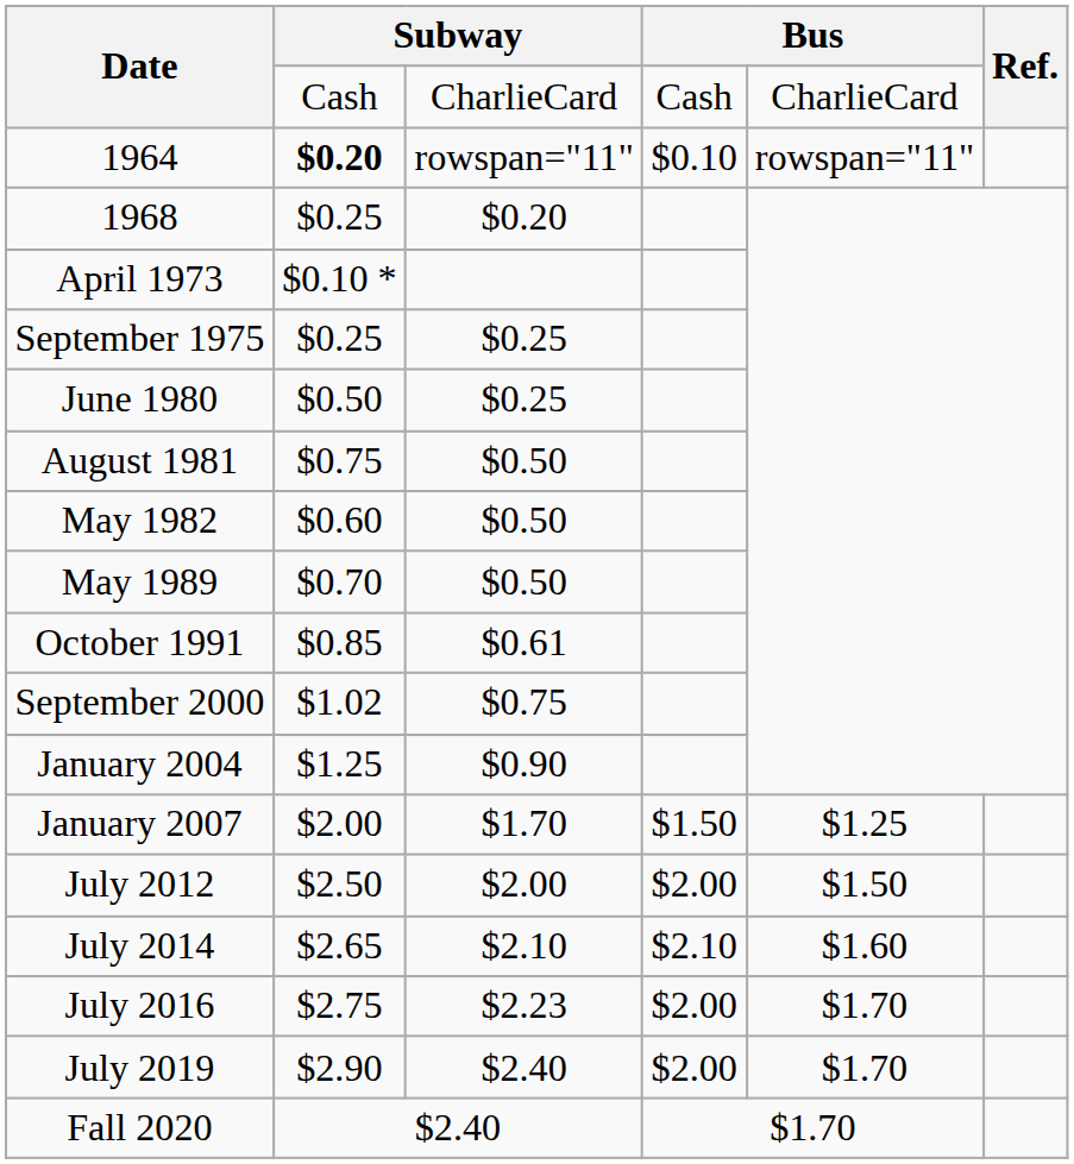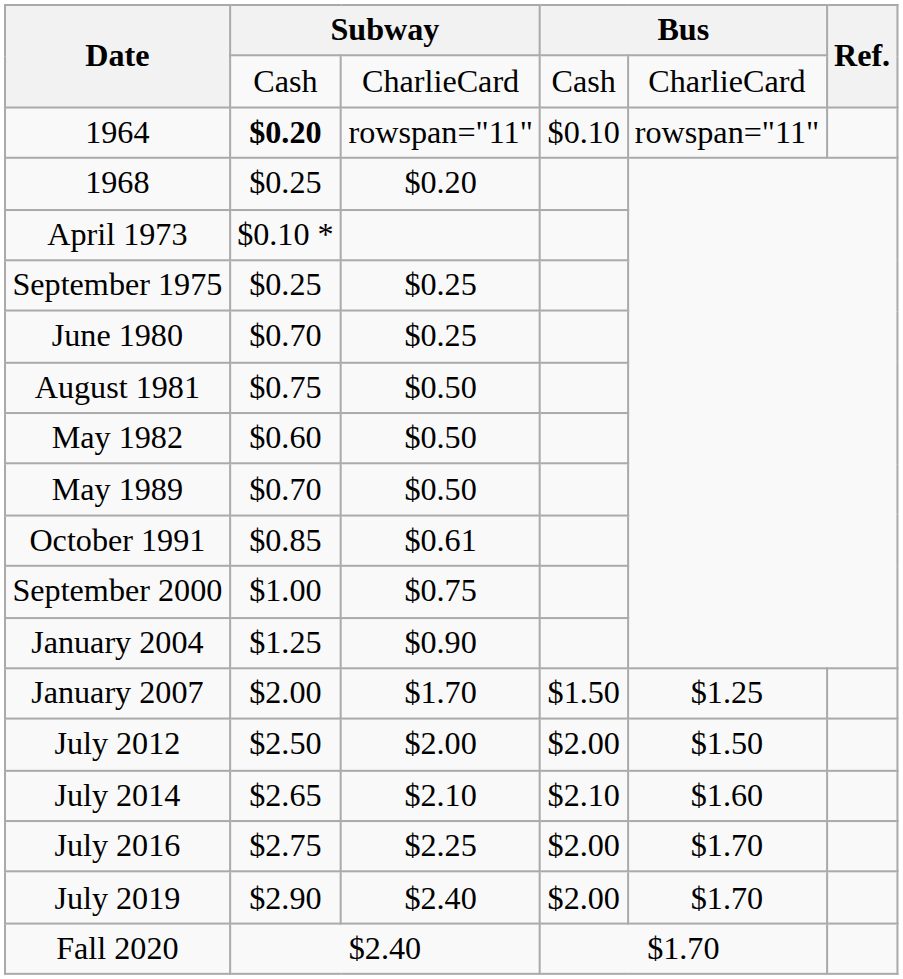 <table class="wikitable plainrowheaders" style="text-align:center">
 <tr>
 <th rowspan="2">Date</th>
 <th style="width:5px;" colspan="2">Subway</th>
 <th style="width:5px;" colspan="2">Bus</th>
 <th rowspan="2" style="width:1px;">Ref.</th>
 </tr>
 <tr>
 <td>Cash</td>
 <td>CharlieCard</td>
 <td>Cash</td>
 <td>CharlieCard</td>
 </tr>
 <tr>
 <td>1964</td>
 <td><strong>$0.20</strong></td>
 <td>rowspan="11" </td>
 <td>$0.10</td>
 <td>rowspan="11" </td>
 <td></td>
 </tr>
 <tr>
 <td>1968</td>
 <td>$0.25</td>
 <td>$0.20</td>
 <td></td>
 </tr>
 <tr>
 <td>April 1973</td>
 <td>$0.10 *</td>
 <td></td>
 <td></td>
 </tr>
 <tr>
 <td>September 1975</td>
 <td>$0.25</td>
 <td>$0.25</td>
 <td></td>
 </tr>
 <tr>
 <td>June 1980</td>
-<td>$0.50</td>
+<td>$0.70</td>
 <td>$0.25</td>
 <td></td>
 </tr>
 <tr>
 <td>August 1981</td>
 <td>$0.75</td>
 <td>$0.50</td>
 <td></td>
 </tr>
 <tr>
 <td>May 1982</td>
 <td>$0.60</td>
 <td>$0.50</td>
 <td></td>
 </tr>
 <tr>
 <td>May 1989</td>
 <td>$0.70</td>
 <td>$0.50</td>
 <td></td>
 </tr>
 <tr>
 <td>October 1991</td>
 <td>$0.85</td>
 <td>$0.61</td>
 <td></td>
 </tr>
 <tr>
 <td>September 2000</td>
-<td>$1.02</td>
+<td>$1.00</td>
 <td>$0.75</td>
 <td></td>
 </tr>
 <tr>
 <td>January 2004</td>
 <td>$1.25</td>
 <td>$0.90</td>
 <td></td>
 </tr>
 <tr>
 <td>January 2007</td>
 <td>$2.00</td>
 <td>$1.70</td>
 <td>$1.50</td>
 <td>$1.25</td>
 <td></td>
 </tr>
 <tr>
 <td>July 2012</td>
 <td>$2.50</td>
 <td>$2.00</td>
 <td>$2.00</td>
 <td>$1.50</td>
 <td></td>
 </tr>
 <tr>
 <td>July 2014</td>
 <td>$2.65</td>
 <td>$2.10</td>
 <td>$2.10</td>
 <td>$1.60</td>
 <td></td>
 </tr>
 <tr>
 <td>July 2016</td>
 <td>$2.75</td>
-<td>$2.23</td>
+<td>$2.25</td>
 <td>$2.00</td>
 <td>$1.70</td>
 <td></td>
 </tr>
 <tr>
 <td>July 2019</td>
 <td>$2.90</td>
 <td>$2.40</td>
 <td>$2.00</td>
 <td>$1.70</td>
 <td></td>
 </tr>
 <tr>
 <td>Fall 2020</td>
 <td colspan="2">$2.40</td>
 <td colspan="2">$1.70</td>
 <td></td>
 </tr>
 </table>
